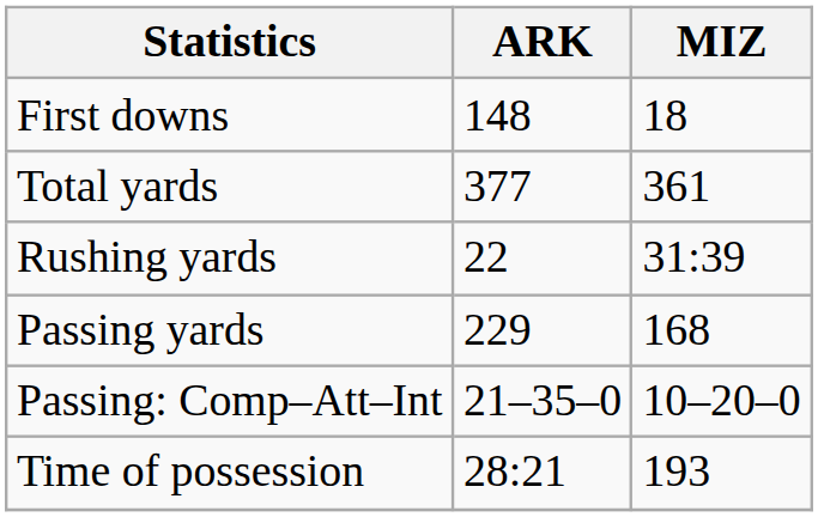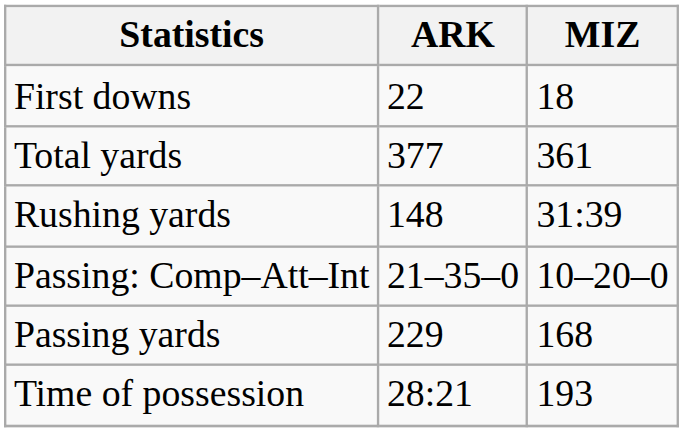 <table class="wikitable" style="float: left;">
 <tr>
 <th>Statistics</th>
 <th>ARK</th>
 <th>MIZ</th>
 </tr>
 <tr>
 <td>First downs</td>
-<td>148</td>
+<td>22</td>
 <td>18</td>
 </tr>
 <tr>
 <td>Total yards</td>
 <td>377</td>
 <td>361</td>
 </tr>
 <tr>
 <td>Rushing yards</td>
-<td>22</td>
+<td>148</td>
 <td>31:39</td>
+</tr>
+<tr>
+<td>Passing: Comp–Att–Int</td>
+<td>21–35–0</td>
+<td>10–20–0</td>
 </tr>
 <tr>
 <td>Passing yards</td>
 <td>229</td>
 <td>168</td>
-</tr>
-<tr>
-<td>Passing: Comp–Att–Int</td>
-<td>21–35–0</td>
-<td>10–20–0</td>
 </tr>
 <tr>
 <td>Time of possession</td>
 <td>28:21</td>
 <td>193</td>
 </tr>
 <tr>
 </tr>
 </table>
